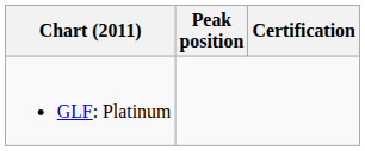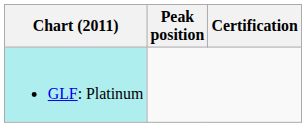 <table class="wikitable plainrowheaders">
 <tr>
 <th>Chart (2011)</th>
 <th align="center">Peak<br>position</th>
 <th>Certification</th>
 </tr>
 <tr>
-<td><br><ul><li><a href='#'>GLF</a>: Platinum</li></ul></td>
+<td style="background: paleturquoise;"><br><ul><li><a href='#'>GLF</a>: Platinum</li></ul></td>
 </tr>
 </table>
